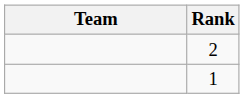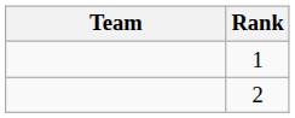 <table class="wikitable" style="white-space:nowrap; display:inline-table;">
 <tr>
 <th style="width:150px">Team</th>
 <th>Rank</th>
 </tr>
 <tr>
 <td></td>
-<td style="text-align:center">2</td>
+<td style="text-align:center">1</td>
 </tr>
 <tr>
 <td></td>
-<td style="text-align:center">1</td>
+<td style="text-align:center">2</td>
 </tr>
 </table>
